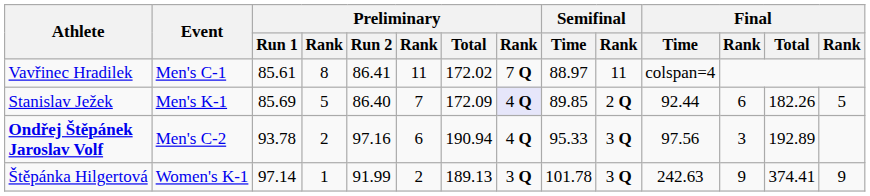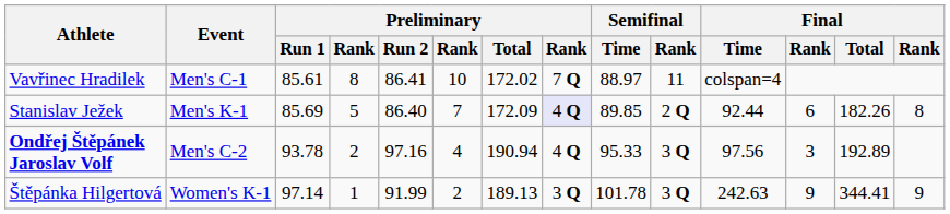 <table class="wikitable" style="font-size:90%">
 <tr>
 <th rowspan="2">Athlete</th>
 <th rowspan="2">Event</th>
 <th colspan="6">Preliminary</th>
 <th colspan="2">Semifinal</th>
 <th colspan="4">Final</th>
 </tr>
 <tr style="font-size:95%">
 <th>Run 1</th>
 <th>Rank</th>
 <th>Run 2</th>
 <th>Rank</th>
 <th>Total</th>
 <th>Rank</th>
 <th>Time</th>
 <th>Rank</th>
 <th>Time</th>
 <th>Rank</th>
 <th>Total</th>
 <th>Rank</th>
 </tr>
 <tr align=center>
 <td align=left><a href='#'>Vavřinec Hradilek</a></td>
 <td align=left><a href='#'>Men's C-1</a></td>
 <td>85.61</td>
 <td>8</td>
 <td>86.41</td>
-<td>11</td>
+<td>10</td>
 <td>172.02</td>
 <td>7 <strong>Q</strong></td>
 <td>88.97</td>
 <td>11</td>
 <td>colspan=4 </td>
 </tr>
 <tr align=center>
 <td align=left><a href='#'>Stanislav Ježek</a></td>
 <td align=left><a href='#'>Men's K-1</a></td>
 <td>85.69</td>
 <td>5</td>
 <td>86.40</td>
 <td>7</td>
 <td>172.09</td>
 <td style="background: lavender;">4 <strong>Q</strong></td>
 <td>89.85</td>
 <td>2 <strong>Q</strong></td>
 <td>92.44</td>
 <td>6</td>
 <td>182.26</td>
-<td>5</td>
+<td>8</td>
 </tr>
 <tr align=center>
 <td align=left><strong><a href='#'>Ondřej Štěpánek</a><br><a href='#'>Jaroslav Volf</a></strong></td>
 <td align=left><a href='#'>Men's C-2</a></td>
 <td>93.78</td>
 <td>2</td>
 <td>97.16</td>
-<td>6</td>
+<td>4</td>
 <td>190.94</td>
 <td>4 <strong>Q</strong></td>
 <td>95.33</td>
 <td>3 <strong>Q</strong></td>
 <td>97.56</td>
 <td>3</td>
 <td>192.89</td>
 <td></td>
 </tr>
 <tr align=center>
 <td align=left><a href='#'>Štěpánka Hilgertová</a></td>
 <td align=left><a href='#'>Women's K-1</a></td>
 <td>97.14</td>
 <td>1</td>
 <td>91.99</td>
 <td>2</td>
 <td>189.13</td>
 <td>3 <strong>Q</strong></td>
 <td>101.78</td>
 <td>3 <strong>Q</strong></td>
 <td>242.63</td>
 <td>9</td>
-<td>374.41</td>
+<td>344.41</td>
 <td>9</td>
 </tr>
 </table>
